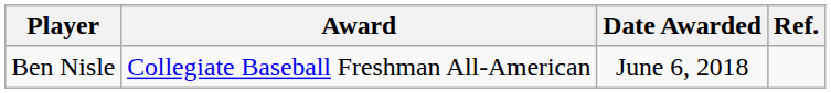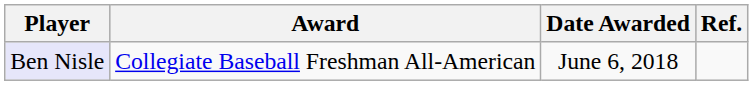 <table class="wikitable sortable sortable" style="text-align: center">
 <tr align=center>
 <th>Player</th>
 <th>Award</th>
 <th>Date Awarded</th>
 <th>Ref.</th>
 </tr>
 <tr>
-<td>Ben Nisle</td>
+<td style="background: lavender;">Ben Nisle</td>
 <td rowspan="4"><a href='#'>Collegiate Baseball</a> Freshman All-American</td>
 <td rowspan="7">June 6, 2018</td>
 <td rowspan="7"></td>
 </tr>
 </table>
